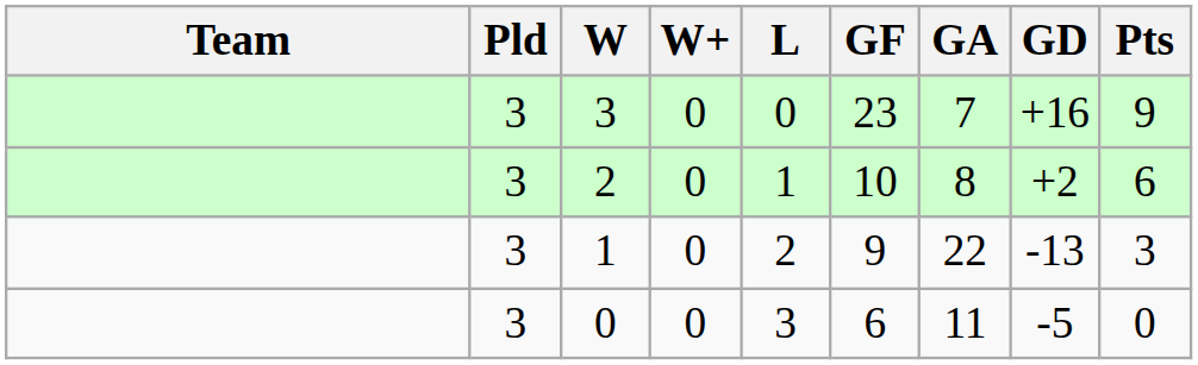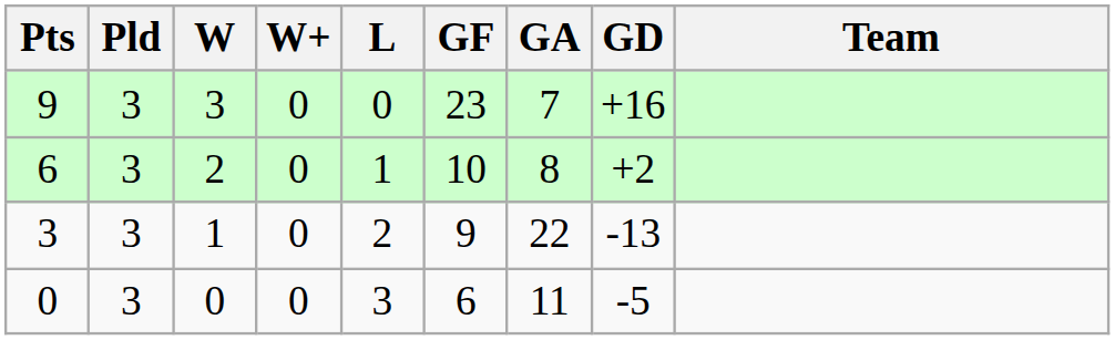 <table class="wikitable" style="text-align:center;">
 <tr>
-<th width=160>Team</th>
+<th width=25>Pts</th>
 <th width=25>Pld</th>
 <th width=25>W</th>
 <th width=25>W+</th>
 <th width=25>L</th>
 <th width=25>GF</th>
 <th width=25>GA</th>
 <th width=25>GD</th>
-<th width=25>Pts</th>
+<th width=160>Team</th>
 </tr>
 <tr style="background:#ccffcc;">
-<td align=left></td>
+<td>9</td>
 <td>3</td>
 <td>3</td>
 <td>0</td>
 <td>0</td>
 <td>23</td>
 <td>7</td>
 <td>+16</td>
-<td>9</td>
+<td align=left></td>
 </tr>
 <tr style="background:#ccffcc;">
-<td align=left></td>
+<td>6</td>
 <td>3</td>
 <td>2</td>
 <td>0</td>
 <td>1</td>
 <td>10</td>
 <td>8</td>
 <td>+2</td>
-<td>6</td>
+<td align=left></td>
 </tr>
 <tr>
-<td align=left></td>
+<td>3</td>
 <td>3</td>
 <td>1</td>
 <td>0</td>
 <td>2</td>
 <td>9</td>
 <td>22</td>
 <td>-13</td>
-<td>3</td>
+<td align=left></td>
 </tr>
 <tr>
-<td align=left></td>
+<td>0</td>
 <td>3</td>
 <td>0</td>
 <td>0</td>
 <td>3</td>
 <td>6</td>
 <td>11</td>
 <td>-5</td>
-<td>0</td>
+<td align=left></td>
 </tr>
 </table>
